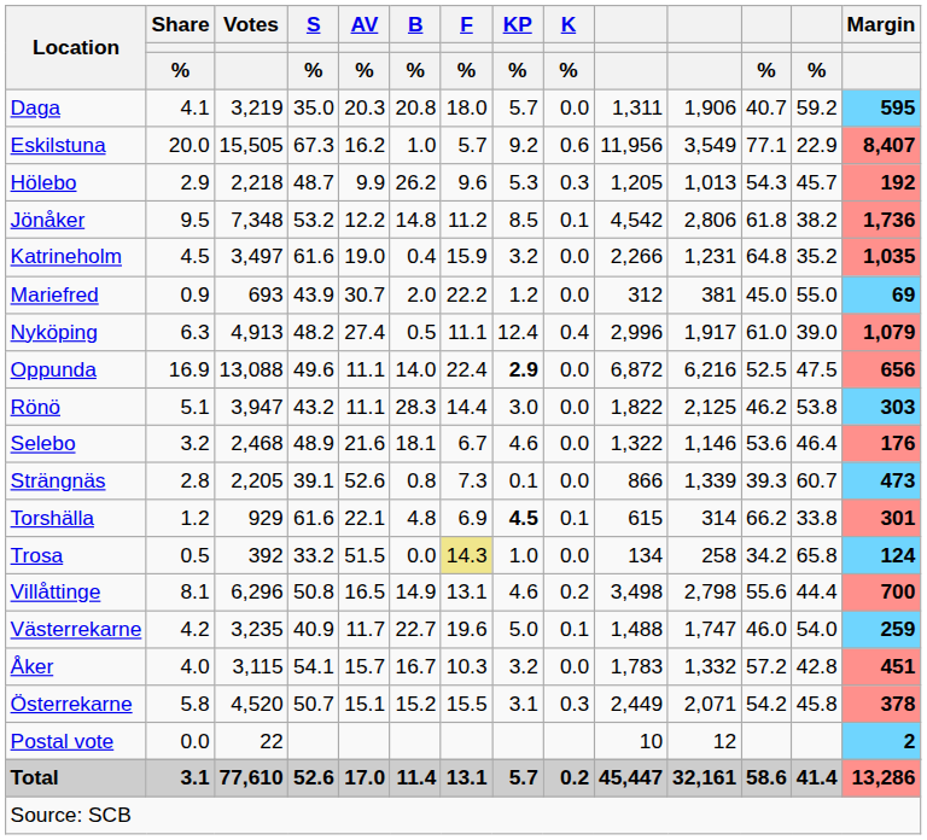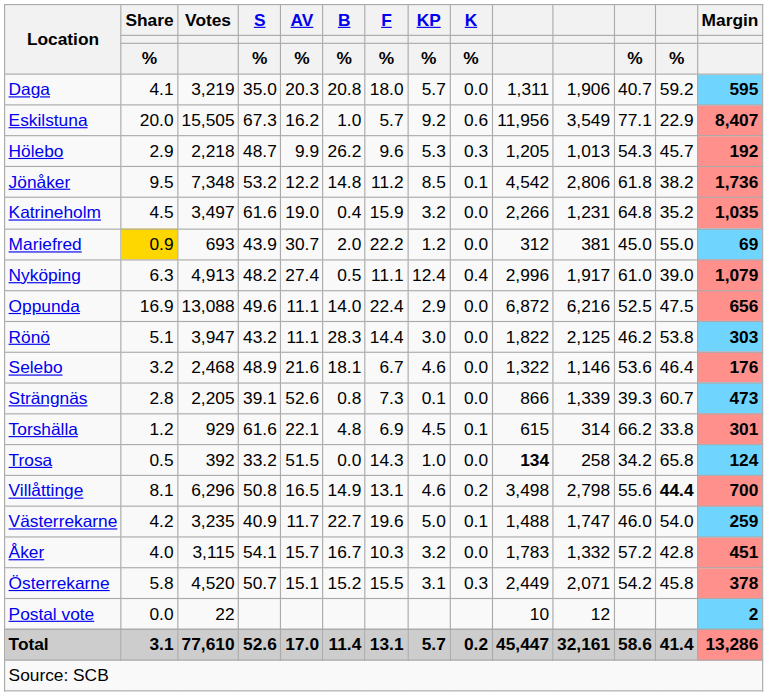 <table class="wikitable sortable" style="text-align:right; font-size:95%; line-height:20px;">
 <tr>
 <th rowspan="3">Location</th>
 <th>Share</th>
 <th>Votes</th>
 <th width="30px" class="unsortable"><a href='#'>S</a></th>
 <th width="30px" class="unsortable"><a href='#'>AV</a></th>
 <th width="30px" class="unsortable"><a href='#'>B</a></th>
 <th width="30px" class="unsortable"><a href='#'>F</a></th>
 <th width="30px" class="unsortable"><a href='#'>KP</a></th>
 <th width="30px" class="unsortable"><a href='#'>K</a></th>
 <th></th>
 <th></th>
 <th></th>
 <th></th>
 <th>Margin</th>
 </tr>
 <tr>
 <th></th>
 <th></th>
 <th style="background:"></th>
 <th style="background:"></th>
 <th style="background:"></th>
 <th style="background:"></th>
 <th style="background:"></th>
 <th style="background:"></th>
 <th style="background:"></th>
 <th style="background:"></th>
 <th style="background:"></th>
 <th style="background:"></th>
 <th></th>
 </tr>
 <tr>
 <th data-sort-type="number">%</th>
 <th></th>
 <th data-sort-type="number">%</th>
 <th data-sort-type="number">%</th>
 <th data-sort-type="number">%</th>
 <th data-sort-type="number">%</th>
 <th data-sort-type="number">%</th>
 <th data-sort-type="number">%</th>
 <th></th>
 <th></th>
 <th data-sort-type="number">%</th>
 <th data-sort-type="number">%</th>
 <th></th>
 </tr>
 <tr>
 <td align=left><a href='#'>Daga</a></td>
 <td>4.1</td>
 <td>3,219</td>
 <td>35.0</td>
 <td>20.3</td>
 <td>20.8</td>
 <td>18.0</td>
 <td>5.7</td>
 <td>0.0</td>
 <td>1,311</td>
 <td>1,906</td>
 <td>40.7</td>
 <td>59.2</td>
 <td bgcolor=#6fd5fe><strong>595</strong></td>
 </tr>
 <tr>
 <td align=left><a href='#'>Eskilstuna</a></td>
 <td>20.0</td>
 <td>15,505</td>
 <td>67.3</td>
 <td>16.2</td>
 <td>1.0</td>
 <td>5.7</td>
 <td>9.2</td>
 <td>0.6</td>
 <td>11,956</td>
 <td>3,549</td>
 <td>77.1</td>
 <td>22.9</td>
 <td bgcolor=#ff908c><strong>8,407</strong></td>
 </tr>
 <tr>
 <td align=left><a href='#'>Hölebo</a></td>
 <td>2.9</td>
 <td>2,218</td>
 <td>48.7</td>
 <td>9.9</td>
 <td>26.2</td>
 <td>9.6</td>
 <td>5.3</td>
 <td>0.3</td>
 <td>1,205</td>
 <td>1,013</td>
 <td>54.3</td>
 <td>45.7</td>
 <td bgcolor=#ff908c><strong>192</strong></td>
 </tr>
 <tr>
 <td align=left><a href='#'>Jönåker</a></td>
 <td>9.5</td>
 <td>7,348</td>
 <td>53.2</td>
 <td>12.2</td>
 <td>14.8</td>
 <td>11.2</td>
 <td>8.5</td>
 <td>0.1</td>
 <td>4,542</td>
 <td>2,806</td>
 <td>61.8</td>
 <td>38.2</td>
 <td bgcolor=#ff908c><strong>1,736</strong></td>
 </tr>
 <tr>
 <td align=left><a href='#'>Katrineholm</a></td>
 <td>4.5</td>
 <td>3,497</td>
 <td>61.6</td>
 <td>19.0</td>
 <td>0.4</td>
 <td>15.9</td>
 <td>3.2</td>
 <td>0.0</td>
 <td>2,266</td>
 <td>1,231</td>
 <td>64.8</td>
 <td>35.2</td>
 <td bgcolor=#ff908c><strong>1,035</strong></td>
 </tr>
 <tr>
 <td align=left><a href='#'>Mariefred</a></td>
-<td>0.9</td>
+<td style="background: gold;">0.9</td>
 <td>693</td>
 <td>43.9</td>
 <td>30.7</td>
 <td>2.0</td>
 <td>22.2</td>
 <td>1.2</td>
 <td>0.0</td>
 <td>312</td>
 <td>381</td>
 <td>45.0</td>
 <td>55.0</td>
 <td bgcolor=#6fd5fe><strong>69</strong></td>
 </tr>
 <tr>
 <td align=left><a href='#'>Nyköping</a></td>
 <td>6.3</td>
 <td>4,913</td>
 <td>48.2</td>
 <td>27.4</td>
 <td>0.5</td>
 <td>11.1</td>
 <td>12.4</td>
 <td>0.4</td>
 <td>2,996</td>
 <td>1,917</td>
 <td>61.0</td>
 <td>39.0</td>
 <td bgcolor=#ff908c><strong>1,079</strong></td>
 </tr>
 <tr>
 <td align=left><a href='#'>Oppunda</a></td>
 <td>16.9</td>
 <td>13,088</td>
 <td>49.6</td>
 <td>11.1</td>
 <td>14.0</td>
 <td>22.4</td>
-<td><strong>2.9</strong></td>
+<td>2.9</td>
 <td>0.0</td>
 <td>6,872</td>
 <td>6,216</td>
 <td>52.5</td>
 <td>47.5</td>
 <td bgcolor=#ff908c><strong>656</strong></td>
 </tr>
 <tr>
 <td align=left><a href='#'>Rönö</a></td>
 <td>5.1</td>
 <td>3,947</td>
 <td>43.2</td>
 <td>11.1</td>
 <td>28.3</td>
 <td>14.4</td>
 <td>3.0</td>
 <td>0.0</td>
 <td>1,822</td>
 <td>2,125</td>
 <td>46.2</td>
 <td>53.8</td>
 <td bgcolor=#6fd5fe><strong>303</strong></td>
 </tr>
 <tr>
 <td align=left><a href='#'>Selebo</a></td>
 <td>3.2</td>
 <td>2,468</td>
 <td>48.9</td>
 <td>21.6</td>
 <td>18.1</td>
 <td>6.7</td>
 <td>4.6</td>
 <td>0.0</td>
 <td>1,322</td>
 <td>1,146</td>
 <td>53.6</td>
 <td>46.4</td>
 <td bgcolor=#ff908c><strong>176</strong></td>
 </tr>
 <tr>
 <td align=left><a href='#'>Strängnäs</a></td>
 <td>2.8</td>
 <td>2,205</td>
 <td>39.1</td>
 <td>52.6</td>
 <td>0.8</td>
 <td>7.3</td>
 <td>0.1</td>
 <td>0.0</td>
 <td>866</td>
 <td>1,339</td>
 <td>39.3</td>
 <td>60.7</td>
 <td bgcolor=#6fd5fe><strong>473</strong></td>
 </tr>
 <tr>
 <td align=left><a href='#'>Torshälla</a></td>
 <td>1.2</td>
 <td>929</td>
 <td>61.6</td>
 <td>22.1</td>
 <td>4.8</td>
 <td>6.9</td>
-<td><strong>4.5</strong></td>
+<td>4.5</td>
 <td>0.1</td>
 <td>615</td>
 <td>314</td>
 <td>66.2</td>
 <td>33.8</td>
 <td bgcolor=#ff908c><strong>301</strong></td>
 </tr>
 <tr>
 <td align=left><a href='#'>Trosa</a></td>
 <td>0.5</td>
 <td>392</td>
 <td>33.2</td>
 <td>51.5</td>
 <td>0.0</td>
-<td style="background: khaki;">14.3</td>
+<td>14.3</td>
 <td>1.0</td>
 <td>0.0</td>
-<td>134</td>
+<td><strong>134</strong></td>
 <td>258</td>
 <td>34.2</td>
 <td>65.8</td>
 <td bgcolor=#6fd5fe><strong>124</strong></td>
 </tr>
 <tr>
 <td align=left><a href='#'>Villåttinge</a></td>
 <td>8.1</td>
 <td>6,296</td>
 <td>50.8</td>
 <td>16.5</td>
 <td>14.9</td>
 <td>13.1</td>
 <td>4.6</td>
 <td>0.2</td>
 <td>3,498</td>
 <td>2,798</td>
 <td>55.6</td>
-<td>44.4</td>
+<td><strong>44.4</strong></td>
 <td bgcolor=#ff908c><strong>700</strong></td>
 </tr>
 <tr>
 <td align=left><a href='#'>Västerrekarne</a></td>
 <td>4.2</td>
 <td>3,235</td>
 <td>40.9</td>
 <td>11.7</td>
 <td>22.7</td>
 <td>19.6</td>
 <td>5.0</td>
 <td>0.1</td>
 <td>1,488</td>
 <td>1,747</td>
 <td>46.0</td>
 <td>54.0</td>
 <td bgcolor=#6fd5fe><strong>259</strong></td>
 </tr>
 <tr>
 <td align=left><a href='#'>Åker</a></td>
 <td>4.0</td>
 <td>3,115</td>
 <td>54.1</td>
 <td>15.7</td>
 <td>16.7</td>
 <td>10.3</td>
 <td>3.2</td>
 <td>0.0</td>
 <td>1,783</td>
 <td>1,332</td>
 <td>57.2</td>
 <td>42.8</td>
 <td bgcolor=#ff908c><strong>451</strong></td>
 </tr>
 <tr>
 <td align=left><a href='#'>Österrekarne</a></td>
 <td>5.8</td>
 <td>4,520</td>
 <td>50.7</td>
 <td>15.1</td>
 <td>15.2</td>
 <td>15.5</td>
 <td>3.1</td>
 <td>0.3</td>
 <td>2,449</td>
 <td>2,071</td>
 <td>54.2</td>
 <td>45.8</td>
 <td bgcolor=#ff908c><strong>378</strong></td>
 </tr>
 <tr>
 <td align=left><a href='#'>Postal vote</a></td>
 <td>0.0</td>
 <td>22</td>
 <td></td>
 <td></td>
 <td></td>
 <td></td>
 <td></td>
 <td></td>
 <td>10</td>
 <td>12</td>
 <td></td>
 <td></td>
 <td bgcolor=#6fd5fe><strong>2</strong></td>
 </tr>
 <tr>
 </tr>
 <tr style="background:#CDCDCD;">
 <td align=left><strong>Total</strong></td>
 <td><strong>3.1</strong></td>
 <td><strong>77,610</strong></td>
 <td><strong>52.6</strong></td>
 <td><strong>17.0</strong></td>
 <td><strong>11.4</strong></td>
 <td><strong>13.1</strong></td>
 <td><strong>5.7</strong></td>
 <td><strong>0.2</strong></td>
 <td><strong>45,447</strong></td>
 <td><strong>32,161</strong></td>
 <td><strong>58.6</strong></td>
 <td><strong>41.4</strong></td>
 <td bgcolor=#ff908c><strong>13,286</strong></td>
 </tr>
 <tr>
 <td align=left colspan=14>Source: SCB </td>
 </tr>
 </table>
